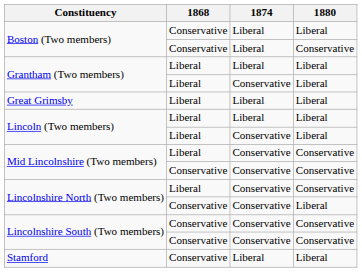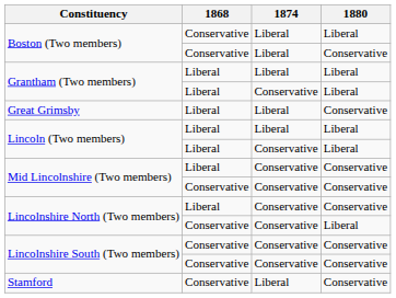 <table class="wikitable">
 <tr>
 <th>Constituency</th>
 <th>1868</th>
 <th>1874</th>
 <th>1880</th>
 </tr>
 <tr>
 <td rowspan="2"><a href='#'>Boston</a> (Two members)</td>
 <td>Conservative</td>
 <td>Liberal</td>
 <td>Liberal</td>
 </tr>
 <tr>
 <td>Conservative</td>
 <td>Liberal</td>
 <td>Conservative</td>
 </tr>
 <tr>
 <td rowspan="2"><a href='#'>Grantham</a> (Two members)</td>
 <td>Liberal</td>
 <td>Liberal</td>
 <td>Liberal</td>
 </tr>
 <tr>
 <td>Liberal</td>
 <td>Conservative</td>
 <td>Liberal</td>
 </tr>
 <tr>
 <td><a href='#'>Great Grimsby</a></td>
 <td>Liberal</td>
 <td>Liberal</td>
-<td>Liberal</td>
+<td>Conservative</td>
 </tr>
 <tr>
 <td rowspan="2"><a href='#'>Lincoln</a> (Two members)</td>
 <td>Liberal</td>
 <td>Liberal</td>
 <td>Liberal</td>
 </tr>
 <tr>
 <td>Liberal</td>
 <td>Conservative</td>
 <td>Liberal</td>
 </tr>
 <tr>
 <td rowspan="2"><a href='#'>Mid Lincolnshire</a> (Two members)</td>
 <td>Liberal</td>
 <td>Conservative</td>
 <td>Conservative</td>
 </tr>
 <tr>
 <td>Conservative</td>
 <td>Conservative</td>
 <td>Conservative</td>
 </tr>
 <tr>
 <td rowspan="2"><a href='#'>Lincolnshire North</a> (Two members)</td>
 <td>Liberal</td>
 <td>Conservative</td>
 <td>Conservative</td>
 </tr>
 <tr>
 <td>Conservative</td>
 <td>Conservative</td>
 <td>Liberal</td>
 </tr>
 <tr>
 <td rowspan="2"><a href='#'>Lincolnshire South</a> (Two members)</td>
 <td>Conservative</td>
 <td>Conservative</td>
 <td>Conservative</td>
 </tr>
 <tr>
 <td>Conservative</td>
 <td>Conservative</td>
 <td>Conservative</td>
 </tr>
 <tr>
 <td><a href='#'>Stamford</a></td>
 <td>Conservative</td>
 <td>Liberal</td>
-<td>Liberal</td>
+<td>Conservative</td>
 </tr>
 </table>
